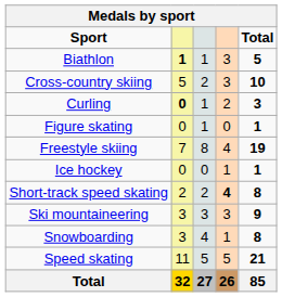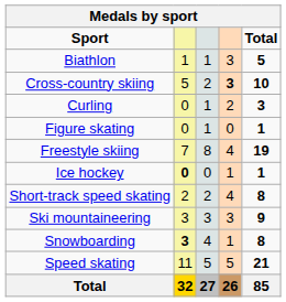 <table class="wikitable" style=font-size:85%;float:right;text-align:center>
 <tr style="background:#efefef;">
 <th colspan=5><strong>Medals by sport</strong></th>
 </tr>
 <tr align=center>
 <td><strong>Sport</strong></td>
 <td bgcolor=#f7f6a8></td>
 <td bgcolor=#dce5e5></td>
 <td bgcolor=#ffdab9></td>
 <td><strong>Total</strong></td>
 </tr>
 <tr>
 <td><a href='#'>Biathlon</a></td>
-<td bgcolor=F7F6A8><strong>1</strong></td>
+<td bgcolor=F7F6A8>1</td>
 <td bgcolor=DCE5E5>1</td>
 <td bgcolor=FFDAB9>3</td>
 <td><strong>5</strong></td>
 </tr>
 <tr>
 <td><a href='#'>Cross-country skiing</a></td>
 <td bgcolor=F7F6A8>5</td>
 <td bgcolor=DCE5E5>2</td>
-<td bgcolor=FFDAB9>3</td>
+<td bgcolor=FFDAB9><strong>3</strong></td>
 <td><strong>10</strong></td>
 </tr>
 <tr>
 <td><a href='#'>Curling</a></td>
-<td bgcolor=F7F6A8><strong>0</strong></td>
+<td bgcolor=F7F6A8>0</td>
 <td bgcolor=DCE5E5>1</td>
 <td bgcolor=FFDAB9>2</td>
 <td><strong>3</strong></td>
 </tr>
 <tr>
 <td><a href='#'>Figure skating</a></td>
 <td bgcolor=F7F6A8>0</td>
 <td bgcolor=DCE5E5>1</td>
 <td bgcolor=FFDAB9>0</td>
 <td><strong>1</strong></td>
 </tr>
 <tr>
 <td><a href='#'>Freestyle skiing</a></td>
 <td bgcolor=F7F6A8>7</td>
 <td bgcolor=DCE5E5>8</td>
 <td bgcolor=FFDAB9>4</td>
 <td><strong>19</strong></td>
 </tr>
 <tr>
 <td><a href='#'>Ice hockey</a></td>
-<td bgcolor=F7F6A8>0</td>
+<td bgcolor=F7F6A8><strong>0</strong></td>
 <td bgcolor=DCE5E5>0</td>
 <td bgcolor=FFDAB9>1</td>
 <td><strong>1</strong></td>
 </tr>
 <tr>
 <td><a href='#'>Short-track speed skating</a></td>
 <td bgcolor=F7F6A8>2</td>
 <td bgcolor=DCE5E5>2</td>
-<td bgcolor=FFDAB9><strong>4</strong></td>
+<td bgcolor=FFDAB9>4</td>
 <td><strong>8</strong></td>
 </tr>
 <tr>
 <td><a href='#'>Ski mountaineering</a></td>
 <td bgcolor=F7F6A8>3</td>
 <td bgcolor=DCE5E5>3</td>
 <td bgcolor=FFDAB9>3</td>
 <td><strong>9</strong></td>
 </tr>
 <tr>
 <td><a href='#'>Snowboarding</a></td>
-<td bgcolor=F7F6A8>3</td>
+<td bgcolor=F7F6A8><strong>3</strong></td>
 <td bgcolor=DCE5E5>4</td>
 <td bgcolor=FFDAB9>1</td>
 <td><strong>8</strong></td>
 </tr>
 <tr>
 <td><a href='#'>Speed skating</a></td>
 <td bgcolor=F7F6A8>11</td>
 <td bgcolor=DCE5E5>5</td>
 <td bgcolor=FFDAB9>5</td>
 <td><strong>21</strong></td>
 </tr>
 <tr>
 <th><strong>Total</strong></th>
 <th style=background:gold><strong>32</strong></th>
 <th style=background:silver><strong>27</strong></th>
 <th style=background:#c96><strong>26</strong></th>
 <th><strong>85</strong></th>
 </tr>
 </table>
